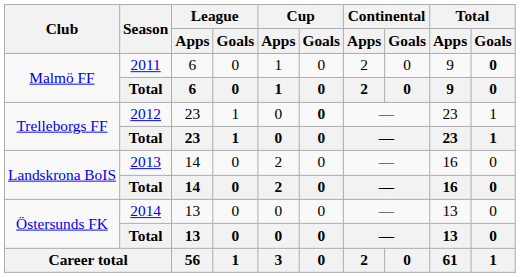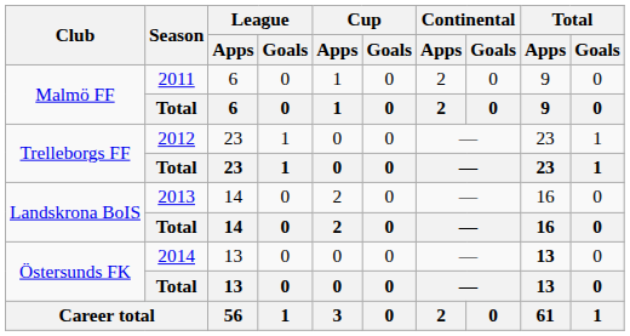 <table class="wikitable" style="text-align:center;">
 <tr>
 <th rowspan="2">Club</th>
 <th rowspan="2">Season</th>
 <th colspan="2">League</th>
 <th colspan="2">Cup</th>
 <th colspan="2">Continental</th>
 <th colspan="2">Total</th>
 </tr>
 <tr>
 <th>Apps</th>
 <th>Goals</th>
 <th>Apps</th>
 <th>Goals</th>
 <th>Apps</th>
 <th>Goals</th>
 <th>Apps</th>
 <th>Goals</th>
 </tr>
 <tr>
 <td rowspan="2"><a href='#'>Malmö FF</a></td>
 <td><a href='#'>2011</a></td>
 <td>6</td>
 <td>0</td>
 <td>1</td>
 <td>0</td>
 <td>2</td>
 <td>0</td>
 <td>9</td>
-<td><strong>0</strong></td>
+<td>0</td>
 </tr>
 <tr>
 <th>Total</th>
 <th>6</th>
 <th>0</th>
 <th>1</th>
 <th>0</th>
 <th>2</th>
 <th>0</th>
 <th>9</th>
 <th>0</th>
 </tr>
 <tr>
 <td rowspan="2"><a href='#'>Trelleborgs FF</a></td>
 <td><a href='#'>2012</a></td>
 <td>23</td>
 <td>1</td>
 <td>0</td>
-<td><strong>0</strong></td>
+<td>0</td>
 <td colspan="2">—</td>
 <td>23</td>
 <td>1</td>
 </tr>
 <tr>
 <th>Total</th>
 <th>23</th>
 <th>1</th>
 <th>0</th>
 <th>0</th>
 <th colspan="2">—</th>
 <th>23</th>
 <th>1</th>
 </tr>
 <tr>
 <td rowspan="2"><a href='#'>Landskrona BoIS</a></td>
 <td><a href='#'>2013</a></td>
 <td>14</td>
 <td>0</td>
 <td>2</td>
 <td>0</td>
 <td colspan="2">—</td>
 <td>16</td>
 <td>0</td>
 </tr>
 <tr>
 <th>Total</th>
 <th>14</th>
 <th>0</th>
 <th>2</th>
 <th>0</th>
 <th colspan="2">—</th>
 <th>16</th>
 <th>0</th>
 </tr>
 <tr>
 <td rowspan="2"><a href='#'>Östersunds FK</a></td>
 <td><a href='#'>2014</a></td>
 <td>13</td>
 <td>0</td>
 <td>0</td>
 <td>0</td>
 <td colspan="2">—</td>
-<td>13</td>
+<td><strong>13</strong></td>
 <td>0</td>
 </tr>
 <tr>
 <th>Total</th>
 <th>13</th>
 <th>0</th>
 <th>0</th>
 <th>0</th>
 <th colspan="2">—</th>
 <th>13</th>
 <th>0</th>
 </tr>
 <tr>
 <th colspan="2">Career total</th>
 <th>56</th>
 <th>1</th>
 <th>3</th>
 <th>0</th>
 <th>2</th>
 <th>0</th>
 <th>61</th>
 <th>1</th>
 </tr>
 </table>
